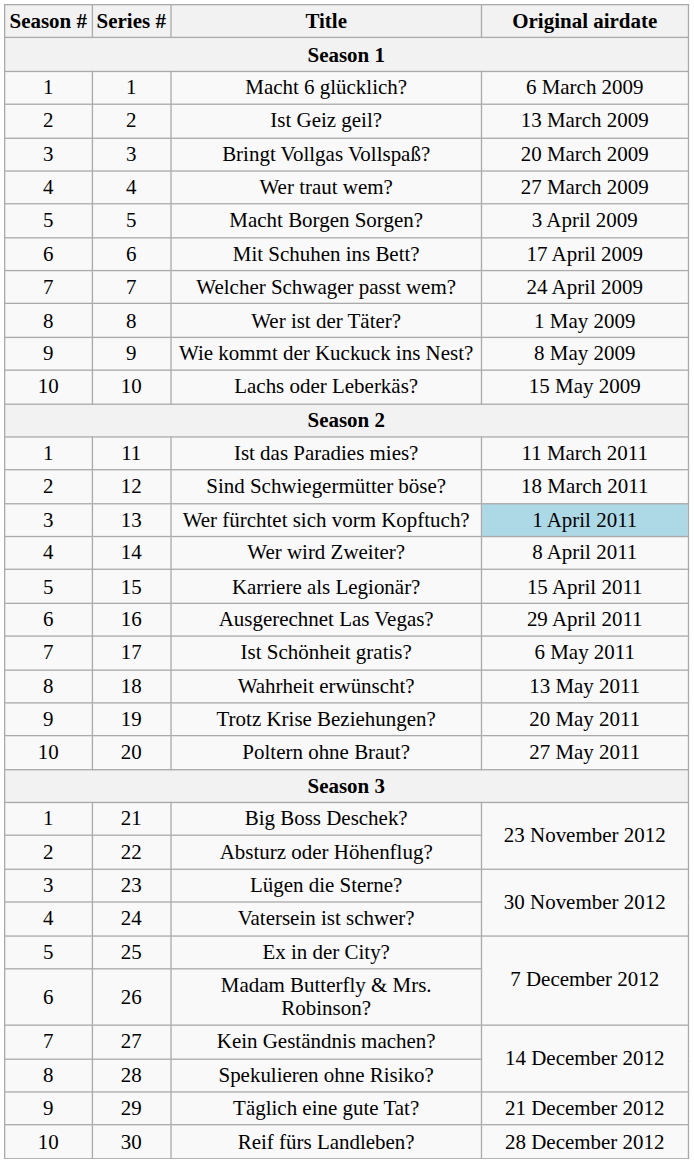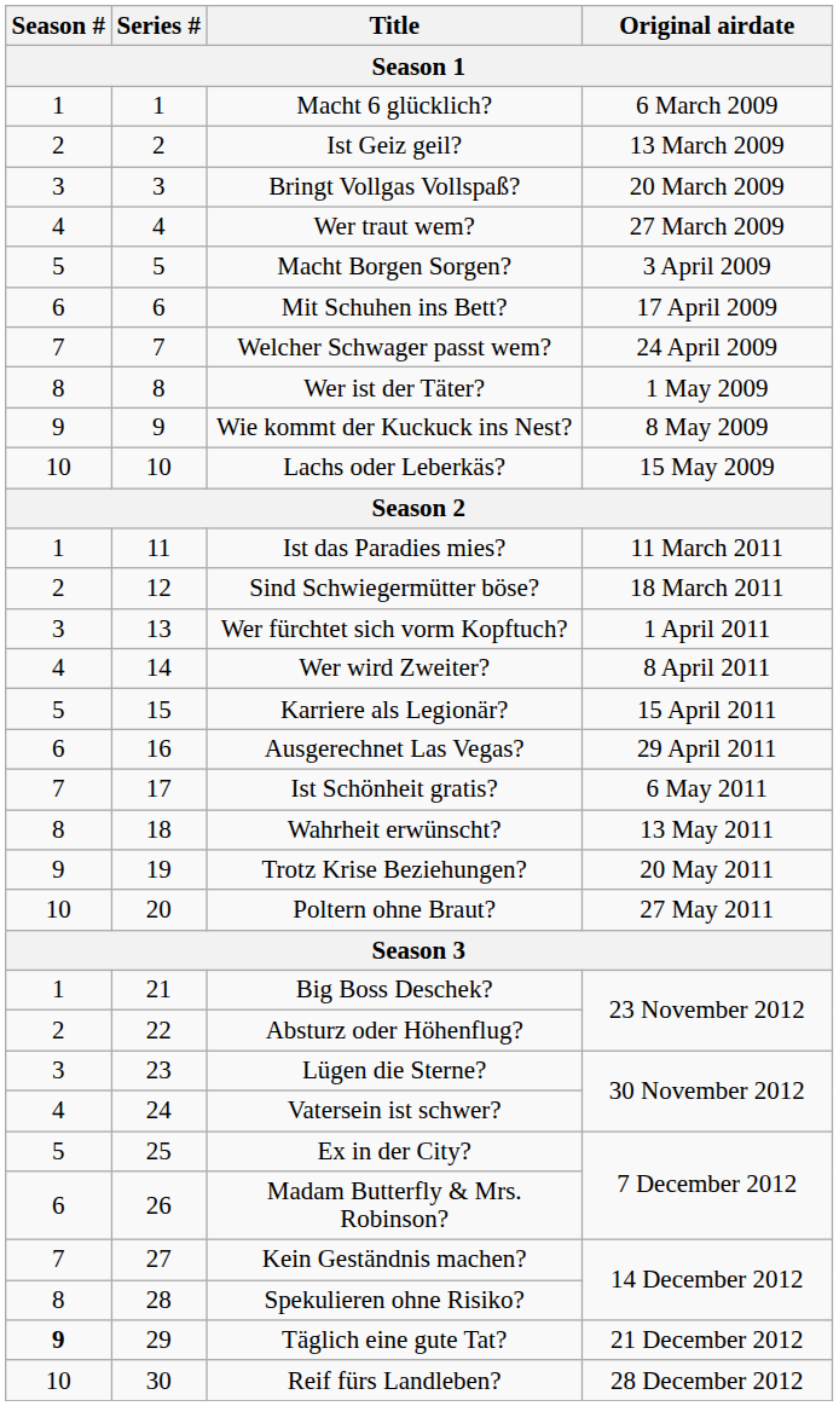 <table class="wikitable">
 <tr>
 <th>Season #</th>
 <th>Series #</th>
 <th style="width:230px;">Title</th>
 <th style="width:150px;">Original airdate</th>
 </tr>
 <tr>
 <th colspan=4>Season 1</th>
 </tr>
 <tr>
 <td style="text-align:center">1</td>
 <td style="text-align:center">1</td>
 <td style="text-align:center">Macht 6 glücklich?</td>
 <td style="text-align:center">6 March 2009</td>
 </tr>
 <tr>
 <td style="text-align:center">2</td>
 <td style="text-align:center">2</td>
 <td style="text-align:center">Ist Geiz geil?</td>
 <td style="text-align:center">13 March 2009</td>
 </tr>
 <tr>
 <td style="text-align:center">3</td>
 <td style="text-align:center">3</td>
 <td style="text-align:center">Bringt Vollgas Vollspaß?</td>
 <td style="text-align:center">20 March 2009</td>
 </tr>
 <tr>
 <td style="text-align:center">4</td>
 <td style="text-align:center">4</td>
 <td style="text-align:center">Wer traut wem?</td>
 <td style="text-align:center">27 March 2009</td>
 </tr>
 <tr>
 <td style="text-align:center">5</td>
 <td style="text-align:center">5</td>
 <td style="text-align:center">Macht Borgen Sorgen?</td>
 <td style="text-align:center">3 April 2009</td>
 </tr>
 <tr>
 <td style="text-align:center">6</td>
 <td style="text-align:center">6</td>
 <td style="text-align:center">Mit Schuhen ins Bett?</td>
 <td style="text-align:center">17 April 2009</td>
 </tr>
 <tr>
 <td style="text-align:center">7</td>
 <td style="text-align:center">7</td>
 <td style="text-align:center">Welcher Schwager passt wem?</td>
 <td style="text-align:center">24 April 2009</td>
 </tr>
 <tr>
 <td style="text-align:center">8</td>
 <td style="text-align:center">8</td>
 <td style="text-align:center">Wer ist der Täter?</td>
 <td style="text-align:center">1 May 2009</td>
 </tr>
 <tr>
 <td style="text-align:center">9</td>
 <td style="text-align:center">9</td>
 <td style="text-align:center">Wie kommt der Kuckuck ins Nest?</td>
 <td style="text-align:center">8 May 2009</td>
 </tr>
 <tr>
 <td style="text-align:center">10</td>
 <td style="text-align:center">10</td>
 <td style="text-align:center">Lachs oder Leberkäs?</td>
 <td style="text-align:center">15 May 2009</td>
 </tr>
 <tr>
 <th colspan=4>Season 2</th>
 </tr>
 <tr>
 <td style="text-align:center">1</td>
 <td style="text-align:center">11</td>
 <td style="text-align:center">Ist das Paradies mies?</td>
 <td style="text-align:center">11 March 2011</td>
 </tr>
 <tr>
 <td style="text-align:center">2</td>
 <td style="text-align:center">12</td>
 <td style="text-align:center">Sind Schwiegermütter böse?</td>
 <td style="text-align:center">18 March 2011</td>
 </tr>
 <tr>
 <td style="text-align:center">3</td>
 <td style="text-align:center">13</td>
 <td style="text-align:center">Wer fürchtet sich vorm Kopftuch?</td>
-<td style="background: lightblue; text-align:center">1 April 2011</td>
+<td style="text-align:center">1 April 2011</td>
 </tr>
 <tr>
 <td style="text-align:center">4</td>
 <td style="text-align:center">14</td>
 <td style="text-align:center">Wer wird Zweiter?</td>
 <td style="text-align:center">8 April 2011</td>
 </tr>
 <tr>
 <td style="text-align:center">5</td>
 <td style="text-align:center">15</td>
 <td style="text-align:center">Karriere als Legionär?</td>
 <td style="text-align:center">15 April 2011</td>
 </tr>
 <tr>
 <td style="text-align:center">6</td>
 <td style="text-align:center">16</td>
 <td style="text-align:center">Ausgerechnet Las Vegas?</td>
 <td style="text-align:center">29 April 2011</td>
 </tr>
 <tr>
 <td style="text-align:center">7</td>
 <td style="text-align:center">17</td>
 <td style="text-align:center">Ist Schönheit gratis?</td>
 <td style="text-align:center">6 May 2011</td>
 </tr>
 <tr>
 <td style="text-align:center">8</td>
 <td style="text-align:center">18</td>
 <td style="text-align:center">Wahrheit erwünscht?</td>
 <td style="text-align:center">13 May 2011</td>
 </tr>
 <tr>
 <td style="text-align:center">9</td>
 <td style="text-align:center">19</td>
 <td style="text-align:center">Trotz Krise Beziehungen?</td>
 <td style="text-align:center">20 May 2011</td>
 </tr>
 <tr>
 <td style="text-align:center">10</td>
 <td style="text-align:center">20</td>
 <td style="text-align:center">Poltern ohne Braut?</td>
 <td style="text-align:center">27 May 2011</td>
 </tr>
 <tr>
 <th colspan=4>Season 3</th>
 </tr>
 <tr>
 <td style="text-align:center">1</td>
 <td style="text-align:center">21</td>
 <td style="text-align:center">Big Boss Deschek?</td>
 <td style="text-align:center" rowspan=2>23 November 2012</td>
 </tr>
 <tr>
 <td style="text-align:center">2</td>
 <td style="text-align:center">22</td>
 <td style="text-align:center">Absturz oder Höhenflug?</td>
 </tr>
 <tr>
 <td style="text-align:center">3</td>
 <td style="text-align:center">23</td>
 <td style="text-align:center">Lügen die Sterne?</td>
 <td style="text-align:center" rowspan=2>30 November 2012</td>
 </tr>
 <tr>
 <td style="text-align:center">4</td>
 <td style="text-align:center">24</td>
 <td style="text-align:center">Vatersein ist schwer?</td>
 </tr>
 <tr>
 <td style="text-align:center">5</td>
 <td style="text-align:center">25</td>
 <td style="text-align:center">Ex in der City?</td>
 <td style="text-align:center" rowspan=2>7 December 2012</td>
 </tr>
 <tr>
 <td style="text-align:center">6</td>
 <td style="text-align:center">26</td>
 <td style="text-align:center">Madam Butterfly & Mrs. Robinson?</td>
 </tr>
 <tr>
 <td style="text-align:center">7</td>
 <td style="text-align:center">27</td>
 <td style="text-align:center">Kein Geständnis machen?</td>
 <td style="text-align:center" rowspan=2>14 December 2012</td>
 </tr>
 <tr>
 <td style="text-align:center">8</td>
 <td style="text-align:center">28</td>
 <td style="text-align:center">Spekulieren ohne Risiko?</td>
 </tr>
 <tr>
-<td style="text-align:center">9</td>
+<td style="text-align:center"><strong>9</strong></td>
 <td style="text-align:center">29</td>
 <td style="text-align:center">Täglich eine gute Tat?</td>
 <td style="text-align:center">21 December 2012</td>
 </tr>
 <tr>
 <td style="text-align:center">10</td>
 <td style="text-align:center">30</td>
 <td style="text-align:center">Reif fürs Landleben?</td>
 <td style="text-align:center">28 December 2012</td>
 </tr>
 </table>
